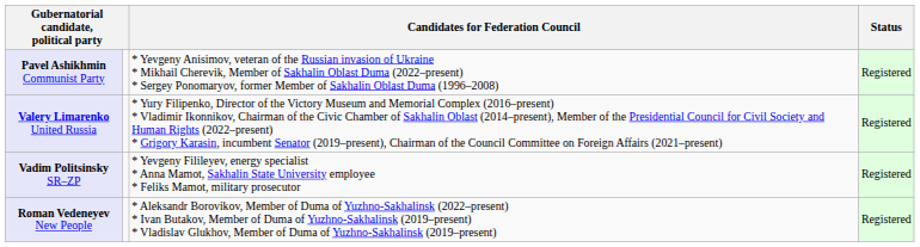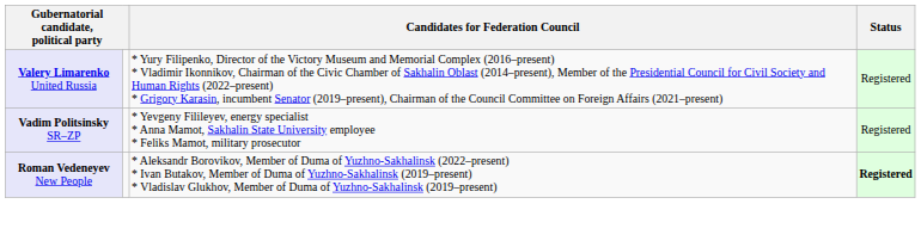 <table class="wikitable" style="text-align:center;">
 <tr>
 <th colspan="2">Gubernatorial candidate,<br>political party</th>
 <th>Candidates for Federation Council</th>
 <th>Status</th>
-</tr>
-<tr>
-<td style="background:lavender;"><strong>Pavel Ashikhmin</strong><br><a href='#'>Communist Party</a></td>
-<td style="background-color:"></td>
-<td align=left>* Yevgeny Anisimov, veteran of the <a href='#'>Russian invasion of Ukraine</a><br> * Mikhail Cherevik, Member of <a href='#'>Sakhalin Oblast Duma</a> (2022–present)<br> * Sergey Ponomaryov, former Member of <a href='#'>Sakhalin Oblast Duma</a> (1996–2008)</td>
-<td bgcolor="#DFFFDF">Registered</td>
 </tr>
 <tr>
 <td style="background:lavender;"><strong><a href='#'>Valery Limarenko</a></strong><br><a href='#'>United Russia</a></td>
 <td style="background-color:"></td>
 <td align=left>* Yury Filipenko, Director of the Victory Museum and Memorial Complex (2016–present)<br> * Vladimir Ikonnikov, Chairman of the Civic Chamber of <a href='#'>Sakhalin Oblast</a> (2014–present), Member of the <a href='#'>Presidential Council for Civil Society and Human Rights</a> (2022–present)<br> * <a href='#'>Grigory Karasin</a>, incumbent <a href='#'>Senator</a> (2019–present), Chairman of the Council Committee on Foreign Affairs (2021–present)</td>
 <td bgcolor="#DFFFDF">Registered</td>
 </tr>
 <tr>
 <td style="background:lavender;"><strong>Vadim Politsinsky</strong><br><a href='#'>SR–ZP</a></td>
 <td style="background-color:"></td>
 <td align=left>* Yevgeny Filileyev, energy specialist<br>* Anna Mamot, <a href='#'>Sakhalin State University</a> employee<br>* Feliks Mamot, military prosecutor</td>
 <td bgcolor="#DFFFDF">Registered</td>
 </tr>
 <tr>
 <td style="background:lavender;"><strong>Roman Vedeneyev</strong><br><a href='#'>New People</a></td>
 <td style="background-color:"></td>
 <td align=left>* Aleksandr Borovikov, Member of Duma of <a href='#'>Yuzhno-Sakhalinsk</a> (2022–present)<br> * Ivan Butakov, Member of Duma of <a href='#'>Yuzhno-Sakhalinsk</a> (2019–present)<br> * Vladislav Glukhov, Member of Duma of <a href='#'>Yuzhno-Sakhalinsk</a> (2019–present)</td>
-<td bgcolor="#DFFFDF">Registered</td>
+<td bgcolor="#DFFFDF"><strong>Registered</strong></td>
 </tr>
 </table>
